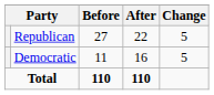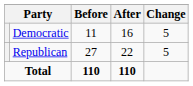 <table class="wikitable" style="text-align:center;">
 <tr>
 </tr>
 <tr>
 <th colspan=2>Party</th>
 <th>Before</th>
 <th>After</th>
 <th>Change</th>
 </tr>
 <tr>
 <th style="background-color:"></th>
-<td style="text-align:left;"><a href='#'>Republican</a></td>
-<td>27</td>
-<td>22</td>
+<td style="text-align:left;"><a href='#'>Democratic</a></td>
+<td>11</td>
+<td>16</td>
 <td> 5</td>
 </tr>
 <tr>
 <th style="background-color:"></th>
-<td style="text-align:left;"><a href='#'>Democratic</a></td>
-<td>11</td>
-<td>16</td>
+<td style="text-align:left;"><a href='#'>Republican</a></td>
+<td>27</td>
+<td>22</td>
 <td> 5</td>
 </tr>
 <tr>
 <td colspan=2><strong>Total</strong></td>
 <td><strong>110</strong></td>
 <td><strong>110</strong></td>
 <td></td>
 </tr>
 </table>
